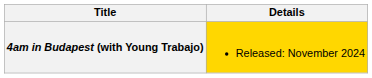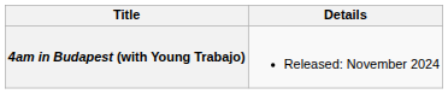 <table class="wikitable plainrowheaders" style="text-align:center;" border="1">
 <tr>
 <th>Title</th>
 <th>Details</th>
 </tr>
 <tr>
 <th scope="row"><em>4am in Budapest</em> (with Young Trabajo)</th>
-<td style="background: gold;"><br><ul><li>Released: November 2024</li></ul></td>
+<td><br><ul><li>Released: November 2024</li></ul></td>
 </tr>
 </table>
